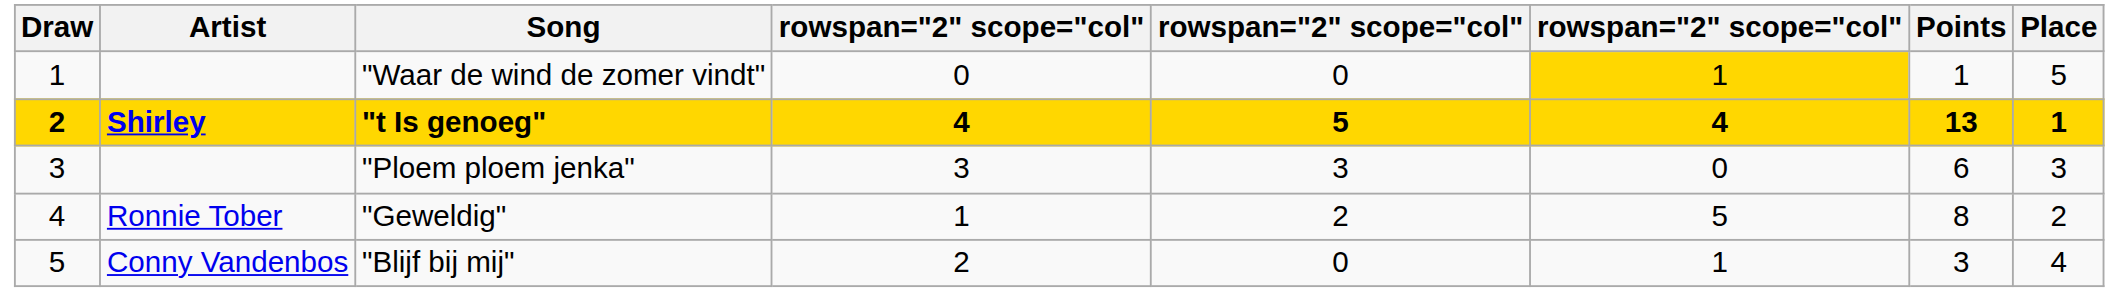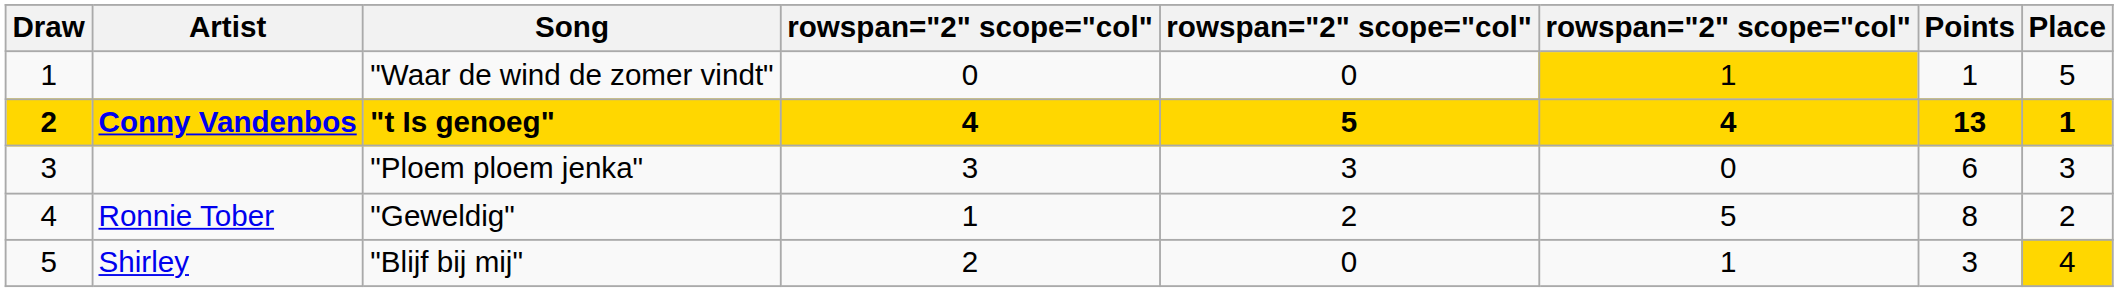 <table class="sortable wikitable" style="margin: 1em auto 1em auto">
 <tr>
 <th>Draw</th>
 <th>Artist</th>
 <th>Song</th>
 <th>rowspan="2" scope="col" </th>
 <th>rowspan="2" scope="col" </th>
 <th>rowspan="2" scope="col" </th>
 <th>Points</th>
 <th>Place</th>
 </tr>
 <tr>
 <td align="center">1</td>
 <td></td>
 <td>"Waar de wind de zomer vindt"</td>
 <td align="center">0</td>
 <td align="center">0</td>
 <td align="center" style="background: gold;">1</td>
 <td align="center">1</td>
 <td align="center">5</td>
 </tr>
 <tr style="background:gold; font-weight:bold;">
 <td align="center">2</td>
-<td><a href='#'>Shirley</a></td>
+<td><a href='#'>Conny Vandenbos</a></td>
 <td>"t Is genoeg"</td>
 <td align="center">4</td>
 <td align="center">5</td>
 <td align="center">4</td>
 <td align="center">13</td>
 <td align="center">1</td>
 </tr>
 <tr>
 <td align="center">3</td>
 <td></td>
 <td>"Ploem ploem jenka"</td>
 <td align="center">3</td>
 <td align="center">3</td>
 <td align="center">0</td>
 <td align="center">6</td>
 <td align="center">3</td>
 </tr>
 <tr>
 <td align="center">4</td>
 <td><a href='#'>Ronnie Tober</a></td>
 <td>"Geweldig"</td>
 <td align="center">1</td>
 <td align="center">2</td>
 <td align="center">5</td>
 <td align="center">8</td>
 <td align="center">2</td>
 </tr>
 <tr>
 <td align="center">5</td>
-<td><a href='#'>Conny Vandenbos</a></td>
+<td><a href='#'>Shirley</a></td>
 <td>"Blijf bij mij"</td>
 <td align="center">2</td>
 <td align="center">0</td>
 <td align="center">1</td>
 <td align="center">3</td>
-<td align="center">4</td>
+<td align="center" style="background: gold;">4</td>
 </tr>
 </table>
